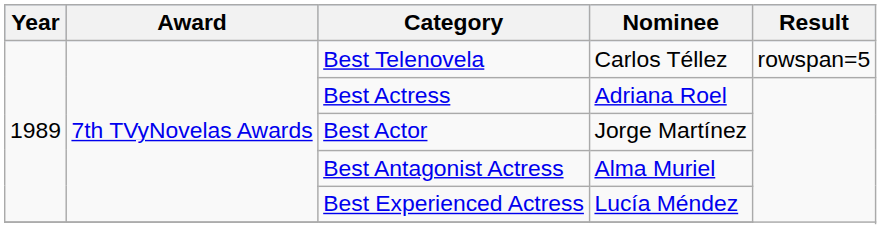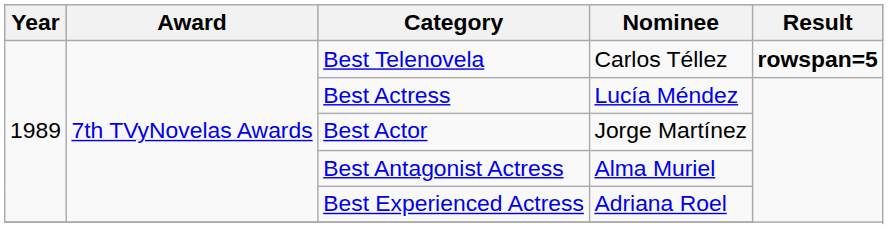 <table class="wikitable">
 <tr style="background:#b0c4de;">
 <th>Year</th>
 <th>Award</th>
 <th>Category</th>
 <th>Nominee</th>
 <th>Result</th>
 </tr>
 <tr>
 <td rowspan=5>1989</td>
 <td rowspan=5><a href='#'>7th TVyNovelas Awards</a></td>
 <td><a href='#'>Best Telenovela</a></td>
 <td>Carlos Téllez</td>
-<td>rowspan=5 </td>
+<td><strong>rowspan=5 </strong></td>
 </tr>
 <tr>
 <td><a href='#'>Best Actress</a></td>
-<td><a href='#'>Adriana Roel</a></td>
+<td><a href='#'>Lucía Méndez</a></td>
 </tr>
 <tr>
 <td><a href='#'>Best Actor</a></td>
 <td>Jorge Martínez</td>
 </tr>
 <tr>
 <td><a href='#'>Best Antagonist Actress</a></td>
 <td><a href='#'>Alma Muriel</a></td>
 </tr>
 <tr>
 <td><a href='#'>Best Experienced Actress</a></td>
-<td><a href='#'>Lucía Méndez</a></td>
+<td><a href='#'>Adriana Roel</a></td>
 </tr>
 <tr>
 </tr>
 </table>
